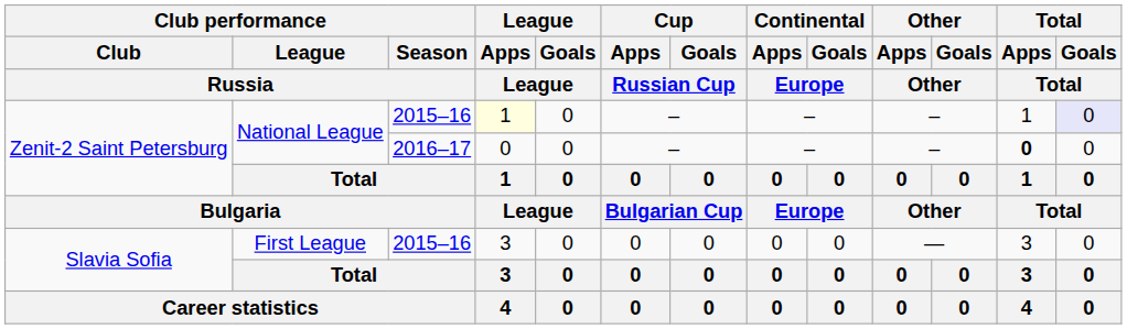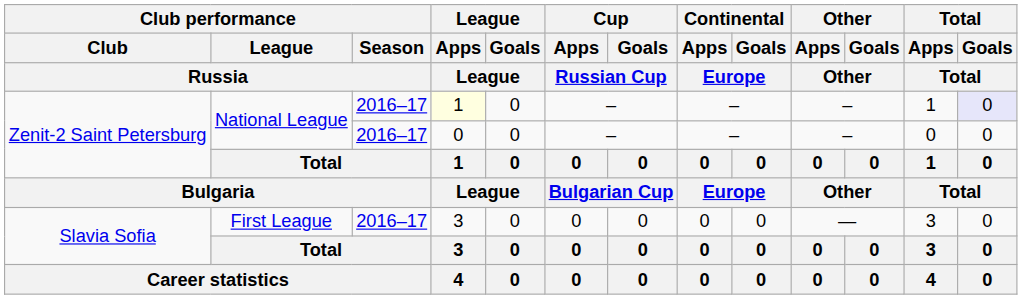 <table class="wikitable" style="text-align: center">
 <tr>
 <th Colspan="3">Club performance</th>
 <th Colspan="2">League</th>
 <th Colspan="2">Cup</th>
 <th Colspan="2">Continental</th>
 <th Colspan="2">Other</th>
 <th Colspan="3">Total</th>
 </tr>
 <tr>
 <th>Club</th>
 <th>League</th>
 <th>Season</th>
 <th>Apps</th>
 <th>Goals</th>
 <th>Apps</th>
 <th>Goals</th>
 <th>Apps</th>
 <th>Goals</th>
 <th>Apps</th>
 <th>Goals</th>
 <th>Apps</th>
 <th>Goals</th>
 </tr>
 <tr>
 <th Colspan="3">Russia</th>
 <th Colspan="2">League</th>
 <th Colspan="2"><a href='#'>Russian Cup</a></th>
 <th Colspan="2"><a href='#'>Europe</a></th>
 <th Colspan="2">Other</th>
 <th Colspan="2">Total</th>
 </tr>
 <tr>
 <td rowspan="3" valign="center"><a href='#'>Zenit-2 Saint Petersburg</a></td>
 <td rowspan="2"><a href='#'>National League</a></td>
-<td><a href='#'>2015–16</a></td>
+<td><a href='#'>2016–17</a></td>
 <td style="background: lightyellow;">1</td>
 <td>0</td>
 <td colspan="2">–</td>
 <td colspan="2">–</td>
 <td colspan="2">–</td>
 <td>1</td>
 <td style="background: lavender;">0</td>
 </tr>
 <tr>
 <td><a href='#'>2016–17</a></td>
 <td>0</td>
 <td>0</td>
 <td colspan="2">–</td>
 <td colspan="2">–</td>
 <td colspan="2">–</td>
-<td><strong>0</strong></td>
+<td>0</td>
 <td>0</td>
 </tr>
 <tr>
 <th colspan=2>Total</th>
 <th>1</th>
 <th>0</th>
 <th>0</th>
 <th>0</th>
 <th>0</th>
 <th>0</th>
 <th>0</th>
 <th>0</th>
 <th>1</th>
 <th>0</th>
 </tr>
 <tr>
 <th Colspan="3">Bulgaria</th>
 <th Colspan="2">League</th>
 <th Colspan="2"><a href='#'>Bulgarian Cup</a></th>
 <th Colspan="2"><a href='#'>Europe</a></th>
 <th Colspan="2">Other</th>
 <th Colspan="2">Total</th>
 </tr>
 <tr>
 <td rowspan="2" valign="center"><a href='#'>Slavia Sofia</a></td>
 <td rowspan="1"><a href='#'>First League</a></td>
-<td><a href='#'>2015–16</a></td>
+<td><a href='#'>2016–17</a></td>
 <td>3</td>
 <td>0</td>
 <td>0</td>
 <td>0</td>
 <td>0</td>
 <td>0</td>
 <td colspan="2">—</td>
 <td>3</td>
 <td>0</td>
 </tr>
 <tr>
 <th colspan=2>Total</th>
 <th>3</th>
 <th>0</th>
 <th>0</th>
 <th>0</th>
 <th>0</th>
 <th>0</th>
 <th>0</th>
 <th>0</th>
 <th>3</th>
 <th>0</th>
 </tr>
 <tr>
 <th colspan="3">Career statistics</th>
 <th>4</th>
 <th>0</th>
 <th>0</th>
 <th>0</th>
 <th>0</th>
 <th>0</th>
 <th>0</th>
 <th>0</th>
 <th>4</th>
 <th>0</th>
 </tr>
 </table>
